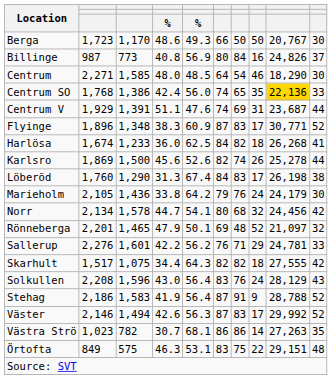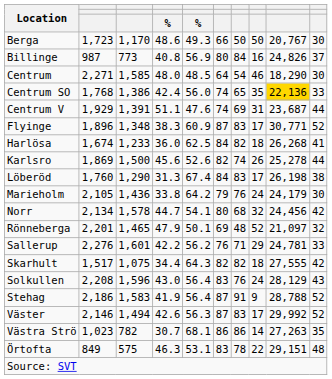 <table role="presentation" class="wikitable sortable mw-collapsible">
 <tr>
 <th rowspan="3">Location</th>
 <th></th>
 <th></th>
 <th></th>
 <th></th>
 <th></th>
 <th></th>
 <th></th>
 <th></th>
 <th></th>
 </tr>
 <tr>
 <th></th>
 <th></th>
 <th style="background:"></th>
 <th style="background:"></th>
 <th></th>
 <th></th>
 <th></th>
 <th></th>
 <th></th>
 </tr>
 <tr>
 <th data-sort-type="number"></th>
 <th data-sort-type="number"></th>
 <th data-sort-type="number">%</th>
 <th data-sort-type="number">%</th>
 <th data-sort-type="number"></th>
 <th data-sort-type="number"></th>
 <th data-sort-type="number"></th>
 <th data-sort-type="number"></th>
 <th data-sort-type="number"></th>
 </tr>
 <tr>
 <td align="left">Berga</td>
 <td>1,723</td>
 <td>1,170</td>
 <td>48.6</td>
 <td>49.3</td>
 <td>66</td>
 <td>50</td>
 <td>50</td>
 <td>20,767</td>
 <td>30</td>
 </tr>
 <tr>
 <td align="left">Billinge</td>
 <td>987</td>
 <td>773</td>
 <td>40.8</td>
 <td>56.9</td>
 <td>80</td>
 <td>84</td>
 <td>16</td>
 <td>24,826</td>
 <td>37</td>
 </tr>
 <tr>
 <td align="left">Centrum</td>
 <td>2,271</td>
 <td>1,585</td>
 <td>48.0</td>
 <td>48.5</td>
 <td>64</td>
 <td>54</td>
 <td>46</td>
 <td>18,290</td>
 <td>30</td>
 </tr>
 <tr>
 <td align="left">Centrum SO</td>
 <td>1,768</td>
 <td>1,386</td>
 <td>42.4</td>
 <td>56.0</td>
 <td>74</td>
 <td>65</td>
 <td>35</td>
 <td style="background: gold;">22,136</td>
 <td>33</td>
 </tr>
 <tr>
 <td align="left">Centrum V</td>
 <td>1,929</td>
 <td>1,391</td>
 <td>51.1</td>
 <td>47.6</td>
 <td>74</td>
 <td>69</td>
 <td>31</td>
 <td>23,687</td>
 <td>44</td>
 </tr>
 <tr>
 <td align="left">Flyinge</td>
 <td>1,896</td>
 <td>1,348</td>
 <td>38.3</td>
 <td>60.9</td>
 <td>87</td>
 <td>83</td>
 <td>17</td>
 <td>30,771</td>
 <td>52</td>
 </tr>
 <tr>
 <td align="left">Harlösa</td>
 <td>1,674</td>
 <td>1,233</td>
 <td>36.0</td>
 <td>62.5</td>
 <td>84</td>
 <td>82</td>
 <td>18</td>
 <td>26,268</td>
 <td>41</td>
 </tr>
 <tr>
 <td align="left">Karlsro</td>
 <td>1,869</td>
 <td>1,500</td>
 <td>45.6</td>
 <td>52.6</td>
 <td>82</td>
 <td>74</td>
 <td>26</td>
 <td>25,278</td>
 <td>44</td>
 </tr>
 <tr>
 <td align="left">Löberöd</td>
 <td>1,760</td>
 <td>1,290</td>
 <td>31.3</td>
 <td>67.4</td>
 <td>84</td>
 <td>83</td>
 <td>17</td>
 <td>26,198</td>
 <td>38</td>
 </tr>
 <tr>
 <td align="left">Marieholm</td>
 <td>2,105</td>
 <td>1,436</td>
 <td>33.8</td>
 <td>64.2</td>
 <td>79</td>
 <td>76</td>
 <td>24</td>
 <td>24,179</td>
 <td>30</td>
 </tr>
 <tr>
 <td align="left">Norr</td>
 <td>2,134</td>
 <td>1,578</td>
 <td>44.7</td>
 <td>54.1</td>
 <td>80</td>
 <td>68</td>
 <td>32</td>
 <td>24,456</td>
 <td>42</td>
 </tr>
 <tr>
 <td align="left">Rönneberga</td>
 <td>2,201</td>
 <td>1,465</td>
 <td>47.9</td>
 <td>50.1</td>
 <td>69</td>
 <td>48</td>
 <td>52</td>
 <td>21,097</td>
 <td>32</td>
 </tr>
 <tr>
 <td align="left">Sallerup</td>
 <td>2,276</td>
 <td>1,601</td>
 <td>42.2</td>
 <td>56.2</td>
 <td>76</td>
 <td>71</td>
 <td>29</td>
 <td>24,781</td>
 <td>33</td>
 </tr>
 <tr>
 <td align="left">Skarhult</td>
 <td>1,517</td>
 <td>1,075</td>
 <td>34.4</td>
 <td>64.3</td>
 <td>82</td>
 <td>82</td>
 <td>18</td>
 <td>27,555</td>
 <td>42</td>
 </tr>
 <tr>
 <td align="left">Solkullen</td>
 <td>2,208</td>
 <td>1,596</td>
 <td>43.0</td>
 <td>56.4</td>
 <td>83</td>
 <td>76</td>
 <td>24</td>
 <td>28,129</td>
 <td>43</td>
 </tr>
 <tr>
 <td align="left">Stehag</td>
 <td>2,186</td>
 <td>1,583</td>
 <td>41.9</td>
 <td>56.4</td>
 <td>87</td>
 <td>91</td>
 <td>9</td>
 <td>28,788</td>
 <td>52</td>
 </tr>
 <tr>
 <td align="left">Väster</td>
 <td>2,146</td>
 <td>1,494</td>
 <td>42.6</td>
 <td>56.3</td>
 <td>87</td>
 <td>83</td>
 <td>17</td>
 <td>29,992</td>
 <td>52</td>
 </tr>
 <tr>
 <td align="left">Västra Strö</td>
 <td>1,023</td>
 <td>782</td>
 <td>30.7</td>
 <td>68.1</td>
 <td>86</td>
 <td>86</td>
 <td>14</td>
 <td>27,263</td>
 <td>35</td>
 </tr>
 <tr>
 <td align="left">Örtofta</td>
 <td>849</td>
 <td>575</td>
 <td>46.3</td>
 <td>53.1</td>
 <td>83</td>
-<td>75</td>
+<td>78</td>
 <td>22</td>
 <td>29,151</td>
 <td>48</td>
 </tr>
 <tr>
 <td colspan="10" align="left">Source: <a href='#'>SVT</a></td>
 </tr>
 </table>
